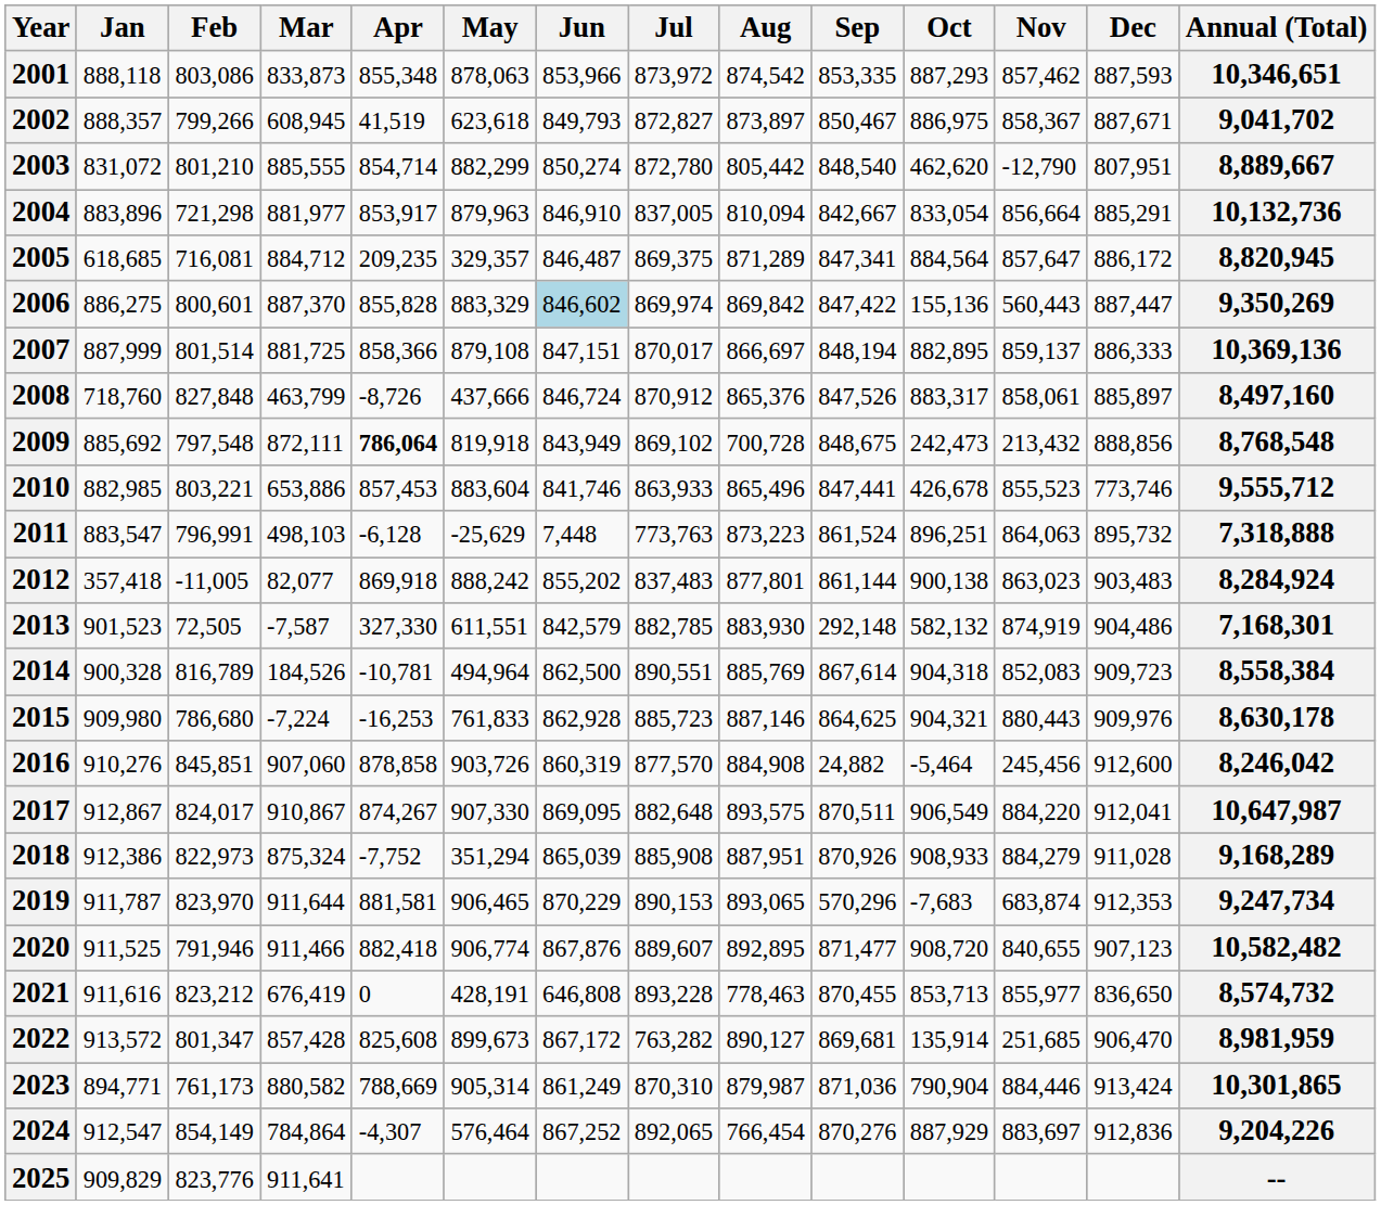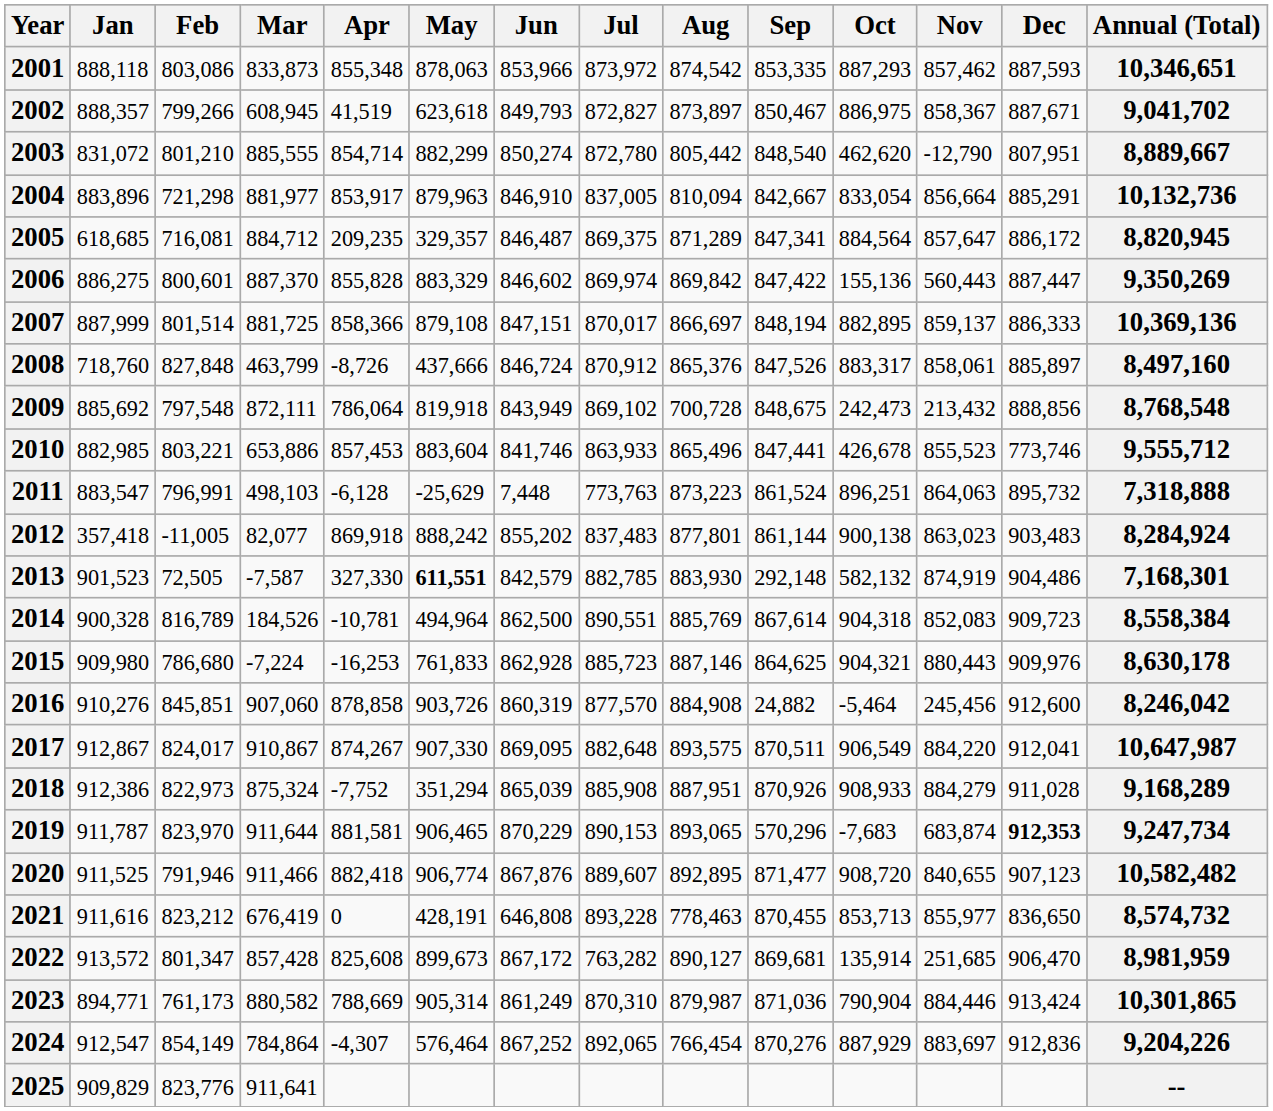 <table class="wikitable">
 <tr>
 <th>Year</th>
 <th>Jan</th>
 <th>Feb</th>
 <th>Mar</th>
 <th>Apr</th>
 <th>May</th>
 <th>Jun</th>
 <th>Jul</th>
 <th>Aug</th>
 <th>Sep</th>
 <th>Oct</th>
 <th>Nov</th>
 <th>Dec</th>
 <th>Annual (Total)</th>
 </tr>
 <tr>
 <th>2001</th>
 <td><small>888,118</small></td>
 <td><small>803,086</small></td>
 <td><small>833,873</small></td>
 <td><small>855,348</small></td>
 <td><small>878,063</small></td>
 <td><small>853,966</small></td>
 <td><small>873,972</small></td>
 <td><small>874,542</small></td>
 <td><small>853,335</small></td>
 <td><small>887,293</small></td>
 <td><small>857,462</small></td>
 <td><small>887,593</small></td>
 <th>10,346,651</th>
 </tr>
 <tr>
 <th>2002</th>
 <td><small>888,357</small></td>
 <td><small>799,266</small></td>
 <td><small>608,945</small></td>
 <td><small>41,519</small></td>
 <td><small>623,618</small></td>
 <td><small>849,793</small></td>
 <td><small>872,827</small></td>
 <td><small>873,897</small></td>
 <td><small>850,467</small></td>
 <td><small>886,975</small></td>
 <td><small>858,367</small></td>
 <td><small>887,671</small></td>
 <th>9,041,702</th>
 </tr>
 <tr>
 <th>2003</th>
 <td><small>831,072</small></td>
 <td><small>801,210</small></td>
 <td><small>885,555</small></td>
 <td><small>854,714</small></td>
 <td><small>882,299</small></td>
 <td><small>850,274</small></td>
 <td><small>872,780</small></td>
 <td><small>805,442</small></td>
 <td><small>848,540</small></td>
 <td><small>462,620</small></td>
 <td><small>-12,790</small></td>
 <td><small>807,951</small></td>
 <th>8,889,667</th>
 </tr>
 <tr>
 <th>2004</th>
 <td><small>883,896</small></td>
 <td><small>721,298</small></td>
 <td><small>881,977</small></td>
 <td><small>853,917</small></td>
 <td><small>879,963</small></td>
 <td><small>846,910</small></td>
 <td><small>837,005</small></td>
 <td><small>810,094</small></td>
 <td><small>842,667</small></td>
 <td><small>833,054</small></td>
 <td><small>856,664</small></td>
 <td><small>885,291</small></td>
 <th>10,132,736</th>
 </tr>
 <tr>
 <th>2005</th>
 <td><small>618,685</small></td>
 <td><small>716,081</small></td>
 <td><small>884,712</small></td>
 <td><small>209,235</small></td>
 <td><small>329,357</small></td>
 <td><small>846,487</small></td>
 <td><small>869,375</small></td>
 <td><small>871,289</small></td>
 <td><small>847,341</small></td>
 <td><small>884,564</small></td>
 <td><small>857,647</small></td>
 <td><small>886,172</small></td>
 <th>8,820,945</th>
 </tr>
 <tr>
 <th>2006</th>
 <td><small>886,275</small></td>
 <td><small>800,601</small></td>
 <td><small>887,370</small></td>
 <td><small>855,828</small></td>
 <td><small>883,329</small></td>
-<td style="background: lightblue;"><small>846,602</small></td>
+<td><small>846,602</small></td>
 <td><small>869,974</small></td>
 <td><small>869,842</small></td>
 <td><small>847,422</small></td>
 <td><small>155,136</small></td>
 <td><small>560,443</small></td>
 <td><small>887,447</small></td>
 <th>9,350,269</th>
 </tr>
 <tr>
 <th>2007</th>
 <td><small>887,999</small></td>
 <td><small>801,514</small></td>
 <td><small>881,725</small></td>
 <td><small>858,366</small></td>
 <td><small>879,108</small></td>
 <td><small>847,151</small></td>
 <td><small>870,017</small></td>
 <td><small>866,697</small></td>
 <td><small>848,194</small></td>
 <td><small>882,895</small></td>
 <td><small>859,137</small></td>
 <td><small>886,333</small></td>
 <th>10,369,136</th>
 </tr>
 <tr>
 <th>2008</th>
 <td><small>718,760</small></td>
 <td><small>827,848</small></td>
 <td><small>463,799</small></td>
 <td><small>-8,726</small></td>
 <td><small>437,666</small></td>
 <td><small>846,724</small></td>
 <td><small>870,912</small></td>
 <td><small>865,376</small></td>
 <td><small>847,526</small></td>
 <td><small>883,317</small></td>
 <td><small>858,061</small></td>
 <td><small>885,897</small></td>
 <th>8,497,160</th>
 </tr>
 <tr>
 <th>2009</th>
 <td><small>885,692</small></td>
 <td><small>797,548</small></td>
 <td><small>872,111</small></td>
-<td><strong><small>786,064</small></strong></td>
+<td><small>786,064</small></td>
 <td><small>819,918</small></td>
 <td><small>843,949</small></td>
 <td><small>869,102</small></td>
 <td><small>700,728</small></td>
 <td><small>848,675</small></td>
 <td><small>242,473</small></td>
 <td><small>213,432</small></td>
 <td><small>888,856</small></td>
 <th>8,768,548</th>
 </tr>
 <tr>
 <th>2010</th>
 <td><small>882,985</small></td>
 <td><small>803,221</small></td>
 <td><small>653,886</small></td>
 <td><small>857,453</small></td>
 <td><small>883,604</small></td>
 <td><small>841,746</small></td>
 <td><small>863,933</small></td>
 <td><small>865,496</small></td>
 <td><small>847,441</small></td>
 <td><small>426,678</small></td>
 <td><small>855,523</small></td>
 <td><small>773,746</small></td>
 <th>9,555,712</th>
 </tr>
 <tr>
 <th>2011</th>
 <td><small>883,547</small></td>
 <td><small>796,991</small></td>
 <td><small>498,103</small></td>
 <td><small>-6,128</small></td>
 <td><small>-25,629</small></td>
 <td><small>7,448</small></td>
 <td><small>773,763</small></td>
 <td><small>873,223</small></td>
 <td><small>861,524</small></td>
 <td><small>896,251</small></td>
 <td><small>864,063</small></td>
 <td><small>895,732</small></td>
 <th>7,318,888</th>
 </tr>
 <tr>
 <th>2012</th>
 <td><small>357,418</small></td>
 <td><small>-11,005</small></td>
 <td><small>82,077</small></td>
 <td><small>869,918</small></td>
 <td><small>888,242</small></td>
 <td><small>855,202</small></td>
 <td><small>837,483</small></td>
 <td><small>877,801</small></td>
 <td><small>861,144</small></td>
 <td><small>900,138</small></td>
 <td><small>863,023</small></td>
 <td><small>903,483</small></td>
 <th>8,284,924</th>
 </tr>
 <tr>
 <th>2013</th>
 <td><small>901,523</small></td>
 <td><small>72,505</small></td>
 <td><small>-7,587</small></td>
 <td><small>327,330</small></td>
-<td><small>611,551</small></td>
+<td><strong><small>611,551</small></strong></td>
 <td><small>842,579</small></td>
 <td><small>882,785</small></td>
 <td><small>883,930</small></td>
 <td><small>292,148</small></td>
 <td><small>582,132</small></td>
 <td><small>874,919</small></td>
 <td><small>904,486</small></td>
 <th>7,168,301</th>
 </tr>
 <tr>
 <th>2014</th>
 <td><small>900,328</small></td>
 <td><small>816,789</small></td>
 <td><small>184,526</small></td>
 <td><small>-10,781</small></td>
 <td><small>494,964</small></td>
 <td><small>862,500</small></td>
 <td><small>890,551</small></td>
 <td><small>885,769</small></td>
 <td><small>867,614</small></td>
 <td><small>904,318</small></td>
 <td><small>852,083</small></td>
 <td><small>909,723</small></td>
 <th>8,558,384</th>
 </tr>
 <tr>
 <th>2015</th>
 <td><small>909,980</small></td>
 <td><small>786,680</small></td>
 <td><small>-7,224</small></td>
 <td><small>-16,253</small></td>
 <td><small>761,833</small></td>
 <td><small>862,928</small></td>
 <td><small>885,723</small></td>
 <td><small>887,146</small></td>
 <td><small>864,625</small></td>
 <td><small>904,321</small></td>
 <td><small>880,443</small></td>
 <td><small>909,976</small></td>
 <th>8,630,178</th>
 </tr>
 <tr>
 <th>2016</th>
 <td><small>910,276</small></td>
 <td><small>845,851</small></td>
 <td><small>907,060</small></td>
 <td><small>878,858</small></td>
 <td><small>903,726</small></td>
 <td><small>860,319</small></td>
 <td><small>877,570</small></td>
 <td><small>884,908</small></td>
 <td><small>24,882</small></td>
 <td><small>-5,464</small></td>
 <td><small>245,456</small></td>
 <td><small>912,600</small></td>
 <th>8,246,042</th>
 </tr>
 <tr>
 <th>2017</th>
 <td><small>912,867</small></td>
 <td><small>824,017</small></td>
 <td><small>910,867</small></td>
 <td><small>874,267</small></td>
 <td><small>907,330</small></td>
 <td><small>869,095</small></td>
 <td><small>882,648</small></td>
 <td><small>893,575</small></td>
 <td><small>870,511</small></td>
 <td><small>906,549</small></td>
 <td><small>884,220</small></td>
 <td><small>912,041</small></td>
 <th>10,647,987</th>
 </tr>
 <tr>
 <th>2018</th>
 <td><small>912,386</small></td>
 <td><small>822,973</small></td>
 <td><small>875,324</small></td>
 <td><small>-7,752</small></td>
 <td><small>351,294</small></td>
 <td><small>865,039</small></td>
 <td><small>885,908</small></td>
 <td><small>887,951</small></td>
 <td><small>870,926</small></td>
 <td><small>908,933</small></td>
 <td><small>884,279</small></td>
 <td><small>911,028</small></td>
 <th>9,168,289</th>
 </tr>
 <tr>
 <th>2019</th>
 <td><small>911,787</small></td>
 <td><small>823,970</small></td>
 <td><small>911,644</small></td>
 <td><small>881,581</small></td>
 <td><small>906,465</small></td>
 <td><small>870,229</small></td>
 <td><small>890,153</small></td>
 <td><small>893,065</small></td>
 <td><small>570,296</small></td>
 <td><small>-7,683</small></td>
 <td><small>683,874</small></td>
-<td><small>912,353</small></td>
+<td><strong><small>912,353</small></strong></td>
 <th>9,247,734</th>
 </tr>
 <tr>
 <th>2020</th>
 <td><small>911,525</small></td>
 <td><small>791,946</small></td>
 <td><small>911,466</small></td>
 <td><small>882,418</small></td>
 <td><small>906,774</small></td>
 <td><small>867,876</small></td>
 <td><small>889,607</small></td>
 <td><small>892,895</small></td>
 <td><small>871,477</small></td>
 <td><small>908,720</small></td>
 <td><small>840,655</small></td>
 <td><small>907,123</small></td>
 <th>10,582,482</th>
 </tr>
 <tr>
 <th>2021</th>
 <td><small>911,616</small></td>
 <td><small>823,212</small></td>
 <td><small>676,419</small></td>
 <td><small>0</small></td>
 <td><small>428,191</small></td>
 <td><small>646,808</small></td>
 <td><small>893,228</small></td>
 <td><small>778,463</small></td>
 <td><small>870,455</small></td>
 <td><small>853,713</small></td>
 <td><small>855,977</small></td>
 <td><small>836,650</small></td>
 <th>8,574,732</th>
 </tr>
 <tr>
 <th>2022</th>
 <td><small>913,572</small></td>
 <td><small>801,347</small></td>
 <td><small>857,428</small></td>
 <td><small>825,608</small></td>
 <td><small>899,673</small></td>
 <td><small>867,172</small></td>
 <td><small>763,282</small></td>
 <td><small>890,127</small></td>
 <td><small>869,681</small></td>
 <td><small>135,914</small></td>
 <td><small>251,685</small></td>
 <td><small>906,470</small></td>
 <th>8,981,959</th>
 </tr>
 <tr>
 <th>2023</th>
 <td><small>894,771</small></td>
 <td><small>761,173</small></td>
 <td><small>880,582</small></td>
 <td><small>788,669</small></td>
 <td><small>905,314</small></td>
 <td><small>861,249</small></td>
 <td><small>870,310</small></td>
 <td><small>879,987</small></td>
 <td><small>871,036</small></td>
 <td><small>790,904</small></td>
 <td><small>884,446</small></td>
 <td><small>913,424</small></td>
 <th>10,301,865</th>
 </tr>
 <tr>
 <th>2024</th>
 <td><small>912,547</small></td>
 <td><small>854,149</small></td>
 <td><small>784,864</small></td>
 <td><small>-4,307</small></td>
 <td><small>576,464</small></td>
 <td><small>867,252</small></td>
 <td><small>892,065</small></td>
 <td><small>766,454</small></td>
 <td><small>870,276</small></td>
 <td><small>887,929</small></td>
 <td><small>883,697</small></td>
 <td><small>912,836</small></td>
 <th>9,204,226</th>
 </tr>
 <tr>
 <th>2025</th>
 <td><small>909,829</small></td>
 <td><small>823,776</small></td>
 <td><small>911,641</small></td>
 <td><small></small></td>
 <td><small></small></td>
 <td><small></small></td>
 <td><small></small></td>
 <td><small></small></td>
 <td><small></small></td>
 <td><small></small></td>
 <td><small></small></td>
 <td><small></small></td>
 <th>--</th>
 </tr>
 <tr>
 </tr>
 </table>
